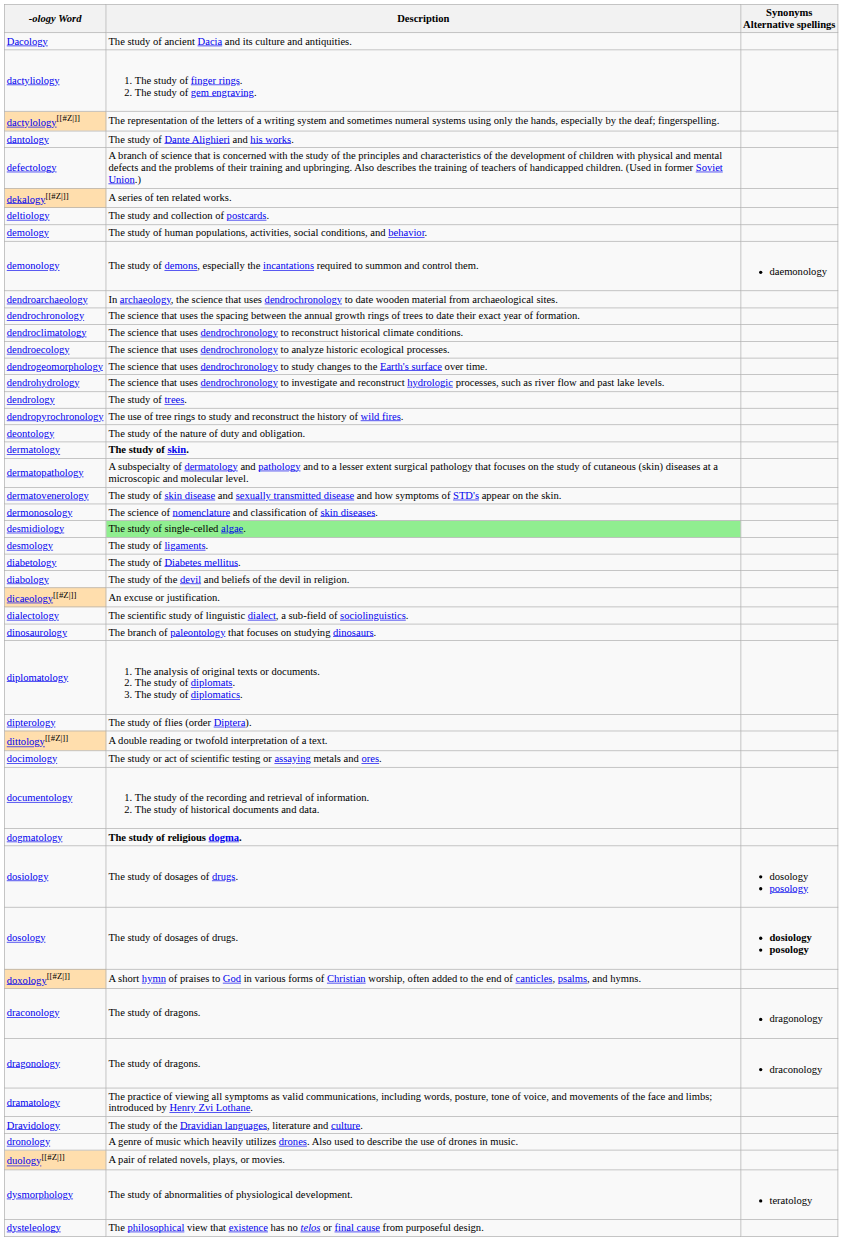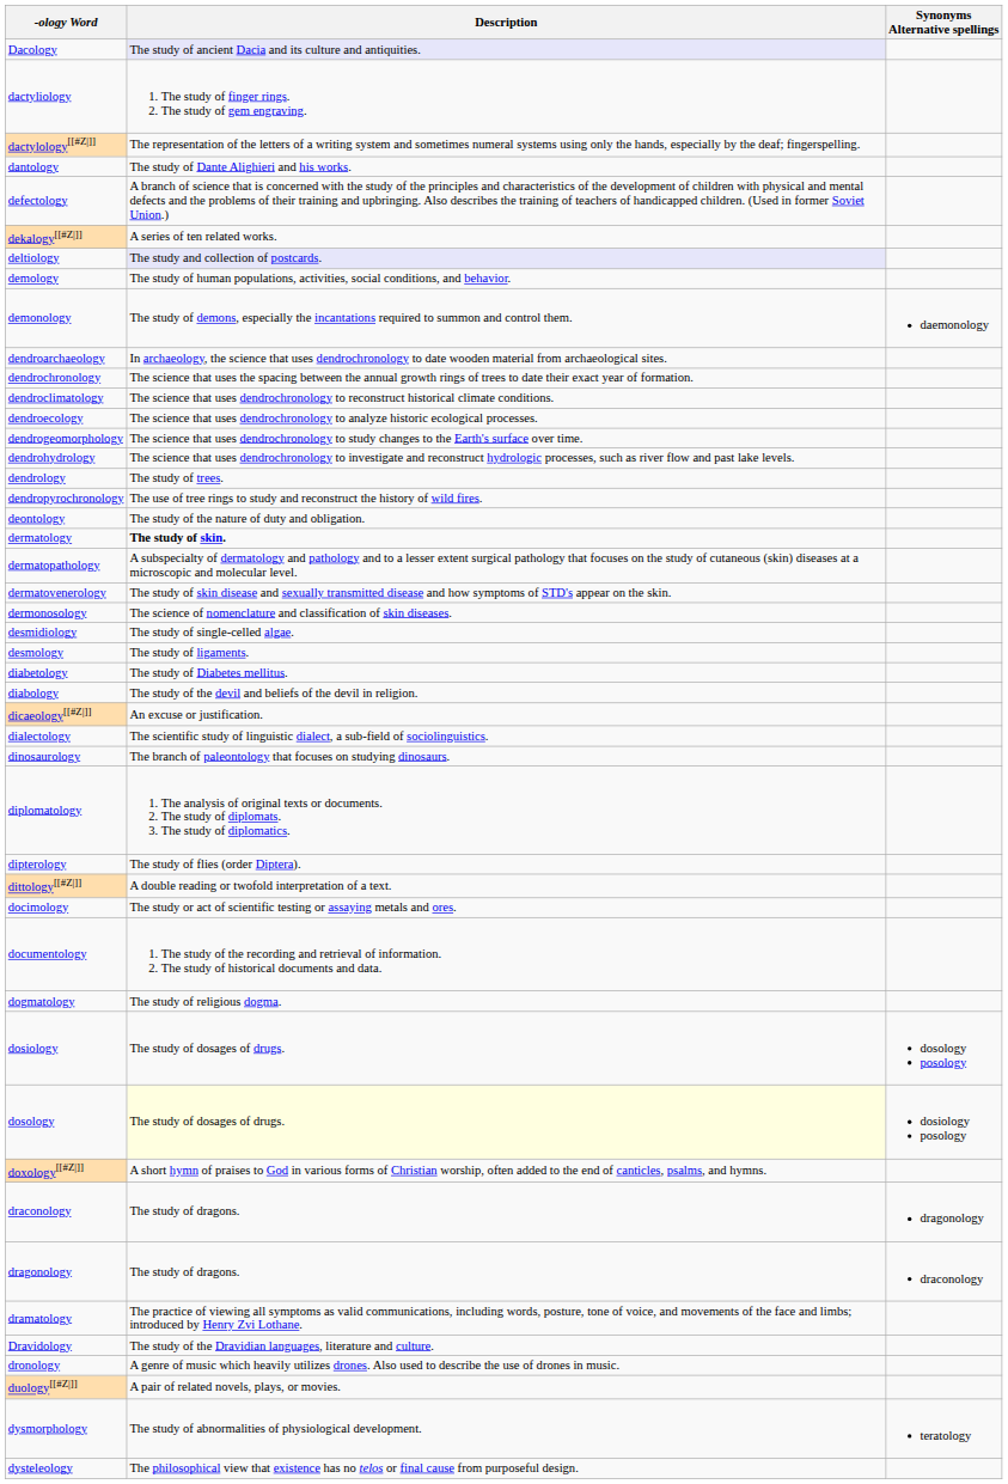 <table class="wikitable" style="width:100%;">
 <tr>
 <th><em>-ology Word</em></th>
 <th>Description</th>
 <th>Synonyms<br>Alternative spellings</th>
 </tr>
 <tr>
 <td><a href='#'>Dacology</a></td>
-<td>The study of ancient <a href='#'>Dacia</a> and its culture and antiquities.</td>
+<td style="background: lavender;">The study of ancient <a href='#'>Dacia</a> and its culture and antiquities.</td>
 <td></td>
 </tr>
 <tr>
 <td><a href='#'>dactyliology</a></td>
 <td><br><ol><li>The study of <a href='#'>finger rings</a>.</li><li>The study of <a href='#'>gem engraving</a>.</li></ol></td>
 <td></td>
 </tr>
 <tr>
 <td style="background: #ffdead"><a href='#'>dactylology</a><sup>[[#Z|]]</sup></td>
 <td>The representation of the letters of a writing system and sometimes numeral systems using only the hands, especially by the deaf; fingerspelling.</td>
 <td></td>
 </tr>
 <tr>
 <td><a href='#'>dantology</a></td>
 <td>The study of <a href='#'>Dante Alighieri</a> and <a href='#'>his works</a>.</td>
 <td></td>
 </tr>
 <tr>
 <td><a href='#'>defectology</a></td>
 <td>A branch of science that is concerned with the study of the principles and characteristics of the development of children with physical and mental defects and the problems of their training and upbringing. Also describes the training of teachers of handicapped children. (Used in former <a href='#'>Soviet Union</a>.)</td>
 <td></td>
 </tr>
 <tr>
 <td style="background: #ffdead"><a href='#'>dekalogy</a><sup>[[#Z|]]</sup></td>
 <td>A series of ten related works.</td>
 <td></td>
 </tr>
 <tr>
 <td><a href='#'>deltiology</a></td>
-<td>The study and collection of <a href='#'>postcards</a>.</td>
+<td style="background: lavender;">The study and collection of <a href='#'>postcards</a>.</td>
 <td></td>
 </tr>
 <tr>
 <td><a href='#'>demology</a></td>
 <td>The study of human populations, activities, social conditions, and <a href='#'>behavior</a>.</td>
 <td></td>
 </tr>
 <tr>
 <td><a href='#'>demonology</a></td>
 <td>The study of <a href='#'>demons</a>, especially the <a href='#'>incantations</a> required to summon and control them.</td>
 <td><br><ul><li>daemonology</li></ul></td>
 </tr>
 <tr>
 <td><a href='#'>dendroarchaeology</a></td>
 <td>In <a href='#'>archaeology</a>, the science that uses <a href='#'>dendrochronology</a> to date wooden material from archaeological sites.</td>
 <td></td>
 </tr>
 <tr>
 <td><a href='#'>dendrochronology</a></td>
 <td>The science that uses the spacing between the annual growth rings of trees to date their exact year of formation.</td>
 <td></td>
 </tr>
 <tr>
 <td><a href='#'>dendroclimatology</a></td>
 <td>The science that uses <a href='#'>dendrochronology</a> to reconstruct historical climate conditions.</td>
 <td></td>
 </tr>
 <tr>
 <td><a href='#'>dendroecology</a></td>
 <td>The science that uses <a href='#'>dendrochronology</a> to analyze historic ecological processes.</td>
 <td></td>
 </tr>
 <tr>
 <td><a href='#'>dendrogeomorphology</a></td>
 <td>The science that uses <a href='#'>dendrochronology</a> to study changes to the <a href='#'>Earth's surface</a> over time.</td>
 <td></td>
 </tr>
 <tr>
 <td><a href='#'>dendrohydrology</a></td>
 <td>The science that uses <a href='#'>dendrochronology</a> to investigate and reconstruct <a href='#'>hydrologic</a> processes, such as river flow and past lake levels.</td>
 <td></td>
 </tr>
 <tr>
 <td><a href='#'>dendrology</a></td>
 <td>The study of <a href='#'>trees</a>.</td>
 <td></td>
 </tr>
 <tr>
 <td><a href='#'>dendropyrochronology</a></td>
 <td>The use of tree rings to study and reconstruct the history of <a href='#'>wild fires</a>.</td>
 <td></td>
 </tr>
 <tr>
 <td><a href='#'>deontology</a></td>
 <td>The study of the nature of duty and obligation.</td>
 <td></td>
 </tr>
 <tr>
 <td><a href='#'>dermatology</a></td>
 <td><strong>The study of <a href='#'>skin</a>.</strong></td>
 <td></td>
 </tr>
 <tr>
 <td><a href='#'>dermatopathology</a></td>
 <td>A subspecialty of <a href='#'>dermatology</a> and <a href='#'>pathology</a> and to a lesser extent surgical pathology that focuses on the study of cutaneous (skin) diseases at a microscopic and molecular level.</td>
 <td></td>
 </tr>
 <tr>
 <td><a href='#'>dermatovenerology</a></td>
 <td>The study of <a href='#'>skin disease</a> and <a href='#'>sexually transmitted disease</a> and how symptoms of <a href='#'>STD's</a> appear on the skin.</td>
 <td></td>
 </tr>
 <tr>
 <td><a href='#'>dermonosology</a></td>
 <td>The science of <a href='#'>nomenclature</a> and classification of <a href='#'>skin diseases</a>.</td>
 <td></td>
 </tr>
 <tr>
 <td><a href='#'>desmidiology</a></td>
-<td style="background: lightgreen;">The study of single-celled <a href='#'>algae</a>.</td>
+<td>The study of single-celled <a href='#'>algae</a>.</td>
 <td></td>
 </tr>
 <tr>
 <td><a href='#'>desmology</a></td>
 <td>The study of <a href='#'>ligaments</a>.</td>
 <td></td>
 </tr>
 <tr>
 <td><a href='#'>diabetology</a></td>
 <td>The study of <a href='#'>Diabetes mellitus</a>.</td>
 <td></td>
 </tr>
 <tr>
 <td><a href='#'>diabology</a></td>
 <td>The study of the <a href='#'>devil</a> and beliefs of the devil in religion.</td>
 <td></td>
 </tr>
 <tr>
 <td style="background: #ffdead"><a href='#'>dicaeology</a><sup>[[#Z|]]</sup></td>
 <td>An excuse or justification.</td>
 <td></td>
 </tr>
 <tr>
 <td><a href='#'>dialectology</a></td>
 <td>The scientific study of linguistic <a href='#'>dialect</a>, a sub-field of <a href='#'>sociolinguistics</a>.</td>
 <td></td>
 </tr>
 <tr>
 <td><a href='#'>dinosaurology</a></td>
 <td>The branch of <a href='#'>paleontology</a> that focuses on studying <a href='#'>dinosaurs</a>.</td>
 <td></td>
 </tr>
 <tr>
 <td><a href='#'>diplomatology</a></td>
 <td><br><ol><li>The analysis of original texts or documents.</li><li>The study of <a href='#'>diplomats</a>.</li><li>The study of <a href='#'>diplomatics</a>.</li></ol></td>
 <td></td>
 </tr>
 <tr>
 <td><a href='#'>dipterology</a></td>
 <td>The study of flies (order <a href='#'>Diptera</a>).</td>
 <td></td>
 </tr>
 <tr>
 <td style="background: #ffdead"><a href='#'>dittology</a><sup>[[#Z|]]</sup></td>
 <td>A double reading or twofold interpretation of a text.</td>
 <td></td>
 </tr>
 <tr>
 <td><a href='#'>docimology</a></td>
 <td>The study or act of scientific testing or <a href='#'>assaying</a> metals and <a href='#'>ores</a>.</td>
 <td></td>
 </tr>
 <tr>
 <td><a href='#'>documentology</a></td>
 <td><br><ol><li>The study of the recording and retrieval of information.</li><li>The study of historical documents and data.</li></ol></td>
 <td></td>
 </tr>
 <tr>
 <td><a href='#'>dogmatology</a></td>
-<td><strong>The study of religious <a href='#'>dogma</a>.</strong></td>
+<td>The study of religious <a href='#'>dogma</a>.</td>
 <td></td>
 </tr>
 <tr>
 <td><a href='#'>dosiology</a></td>
 <td>The study of dosages of <a href='#'>drugs</a>.</td>
 <td><br><ul><li>dosology</li><li><a href='#'>posology</a></li></ul></td>
 </tr>
 <tr>
 <td><a href='#'>dosology</a></td>
-<td>The study of dosages of drugs.</td>
-<td><strong><br><ul><li>dosiology</li><li>posology</li></ul></strong></td>
+<td style="background: lightyellow;">The study of dosages of drugs.</td>
+<td><br><ul><li>dosiology</li><li>posology</li></ul></td>
 </tr>
 <tr>
 <td style="background: #ffdead"><a href='#'>doxology</a><sup>[[#Z|]]</sup></td>
 <td>A short <a href='#'>hymn</a> of praises to <a href='#'>God</a> in various forms of <a href='#'>Christian</a> worship, often added to the end of <a href='#'>canticles</a>, <a href='#'>psalms</a>, and hymns.</td>
 <td></td>
 </tr>
 <tr>
 <td><a href='#'>draconology</a></td>
 <td>The study of dragons.</td>
 <td><br><ul><li>dragonology</li></ul></td>
 </tr>
 <tr>
 <td><a href='#'>dragonology</a></td>
 <td>The study of dragons.</td>
 <td><br><ul><li>draconology</li></ul></td>
 </tr>
 <tr>
 <td><a href='#'>dramatology</a></td>
 <td>The practice of viewing all symptoms as valid communications, including words, posture, tone of voice, and movements of the face and limbs; introduced by <a href='#'>Henry Zvi Lothane</a>.</td>
 <td></td>
 </tr>
 <tr>
 <td><a href='#'>Dravidology</a></td>
 <td>The study of the <a href='#'>Dravidian languages</a>, literature and <a href='#'>culture</a>.</td>
 <td></td>
 </tr>
 <tr>
 <td><a href='#'>dronology</a></td>
 <td>A genre of music which heavily utilizes <a href='#'>drones</a>. Also used to describe the use of drones in music.</td>
 <td></td>
 </tr>
 <tr>
 <td style="background: #ffdead"><a href='#'>duology</a><sup>[[#Z|]]</sup></td>
 <td>A pair of related novels, plays, or movies.</td>
 <td></td>
 </tr>
 <tr>
 <td><a href='#'>dysmorphology</a></td>
 <td>The study of abnormalities of physiological development.</td>
 <td><br><ul><li>teratology</li></ul></td>
 </tr>
 <tr>
 <td><a href='#'>dysteleology</a></td>
 <td>The <a href='#'>philosophical</a> view that <a href='#'>existence</a> has no <em><a href='#'>telos</a></em> or <a href='#'>final cause</a> from purposeful design.</td>
 <td></td>
 </tr>
 </table>
